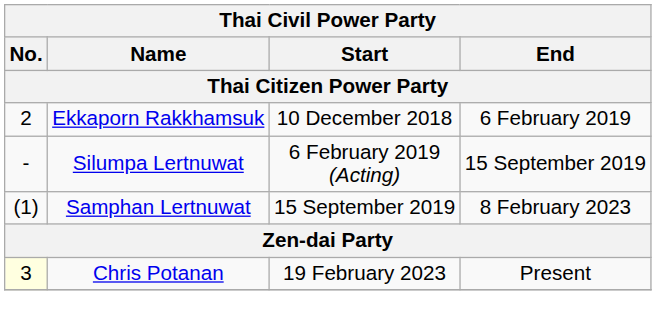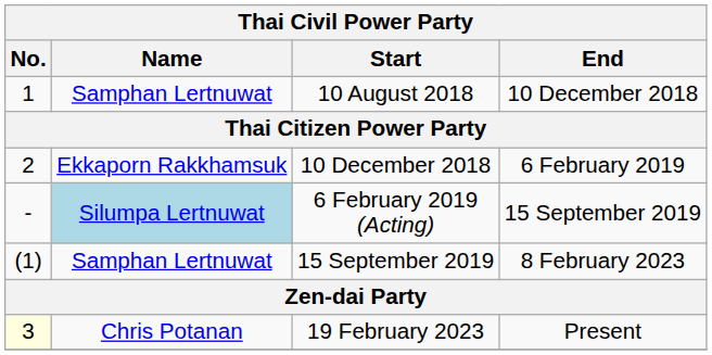 <table class="wikitable" style="font-size:100%; text-align:center;">
 <tr>
 <th colspan = "4">Thai Civil Power Party</th>
 </tr>
 <tr>
 <th>No.</th>
 <th>Name</th>
 <th>Start</th>
 <th>End</th>
+</tr>
+<tr>
+<td>1</td>
+<td><a href='#'>Samphan Lertnuwat</a></td>
+<td>10 August 2018</td>
+<td>10 December 2018</td>
 </tr>
 <tr>
 <th colspan = "4">Thai Citizen Power Party</th>
 </tr>
 <tr>
 <td>2</td>
 <td><a href='#'>Ekkaporn Rakkhamsuk</a></td>
 <td>10 December 2018</td>
 <td>6 February 2019</td>
 </tr>
 <tr>
 <td>-</td>
-<td><a href='#'>Silumpa Lertnuwat</a></td>
+<td style="background: lightblue;"><a href='#'>Silumpa Lertnuwat</a></td>
 <td>6 February 2019 <br> <em>(Acting)</em></td>
 <td>15 September 2019</td>
 </tr>
 <tr>
 <td>(1)</td>
 <td><a href='#'>Samphan Lertnuwat</a></td>
 <td>15 September 2019</td>
 <td>8 February 2023</td>
 </tr>
 <tr>
 <th colspan = "4">Zen-dai Party</th>
 </tr>
 <tr>
 <td style="background: lightyellow;">3</td>
 <td><a href='#'>Chris Potanan</a></td>
 <td>19 February 2023</td>
 <td>Present</td>
 </tr>
 <tr>
 </tr>
 </table>
